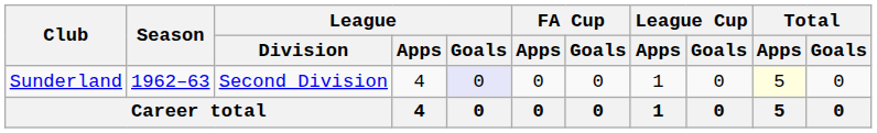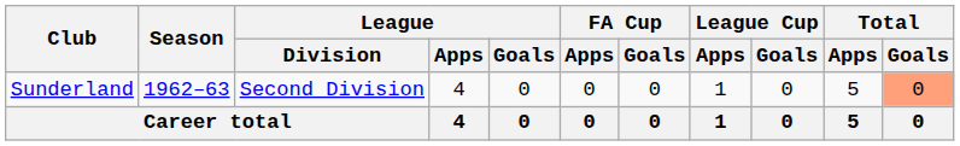 <table class="wikitable" style="text-align: center;">
 <tr>
 <th rowspan="2">Club</th>
 <th rowspan="2">Season</th>
 <th colspan="3">League</th>
 <th colspan="2">FA Cup</th>
 <th colspan="2">League Cup</th>
 <th colspan="2">Total</th>
 </tr>
 <tr>
 <th>Division</th>
 <th>Apps</th>
 <th>Goals</th>
 <th>Apps</th>
 <th>Goals</th>
 <th>Apps</th>
 <th>Goals</th>
 <th>Apps</th>
 <th>Goals</th>
 </tr>
 <tr>
 <td><a href='#'>Sunderland</a></td>
 <td><a href='#'>1962–63</a></td>
 <td><a href='#'>Second Division</a></td>
 <td>4</td>
-<td style="background: lavender;">0</td>
+<td>0</td>
 <td>0</td>
 <td>0</td>
 <td>1</td>
 <td>0</td>
-<td style="background: lightyellow;">5</td>
-<td>0</td>
+<td>5</td>
+<td style="background: lightsalmon;">0</td>
 </tr>
 <tr>
 <th colspan="3">Career total</th>
 <th>4</th>
 <th>0</th>
 <th>0</th>
 <th>0</th>
 <th>1</th>
 <th>0</th>
 <th>5</th>
 <th>0</th>
 </tr>
 </table>
